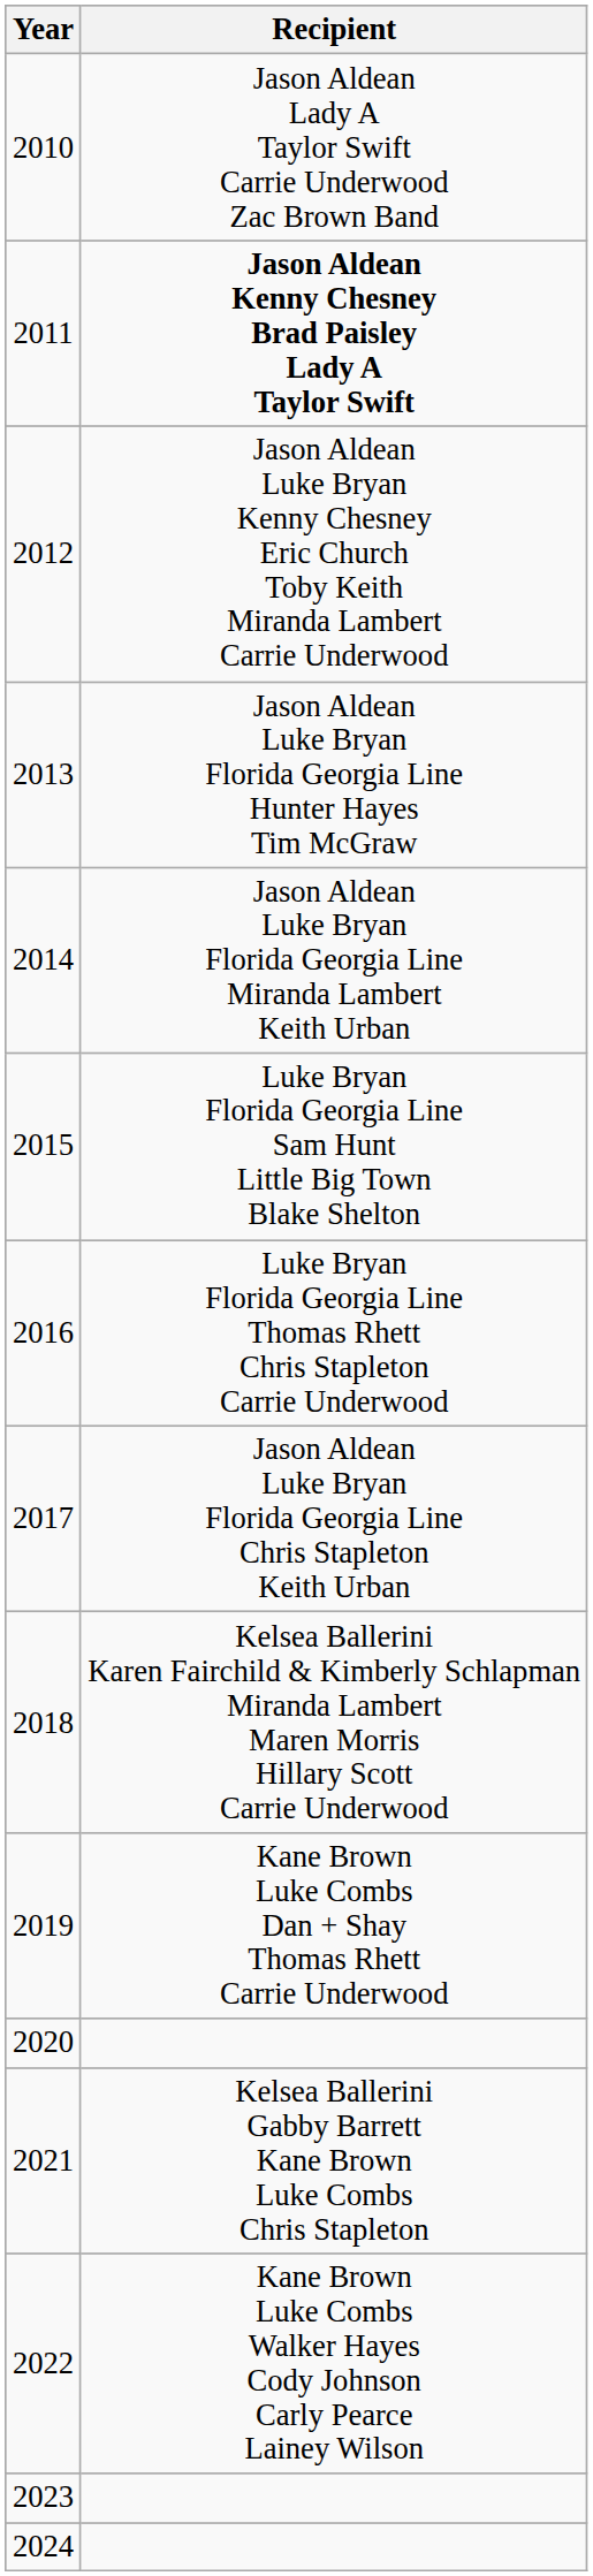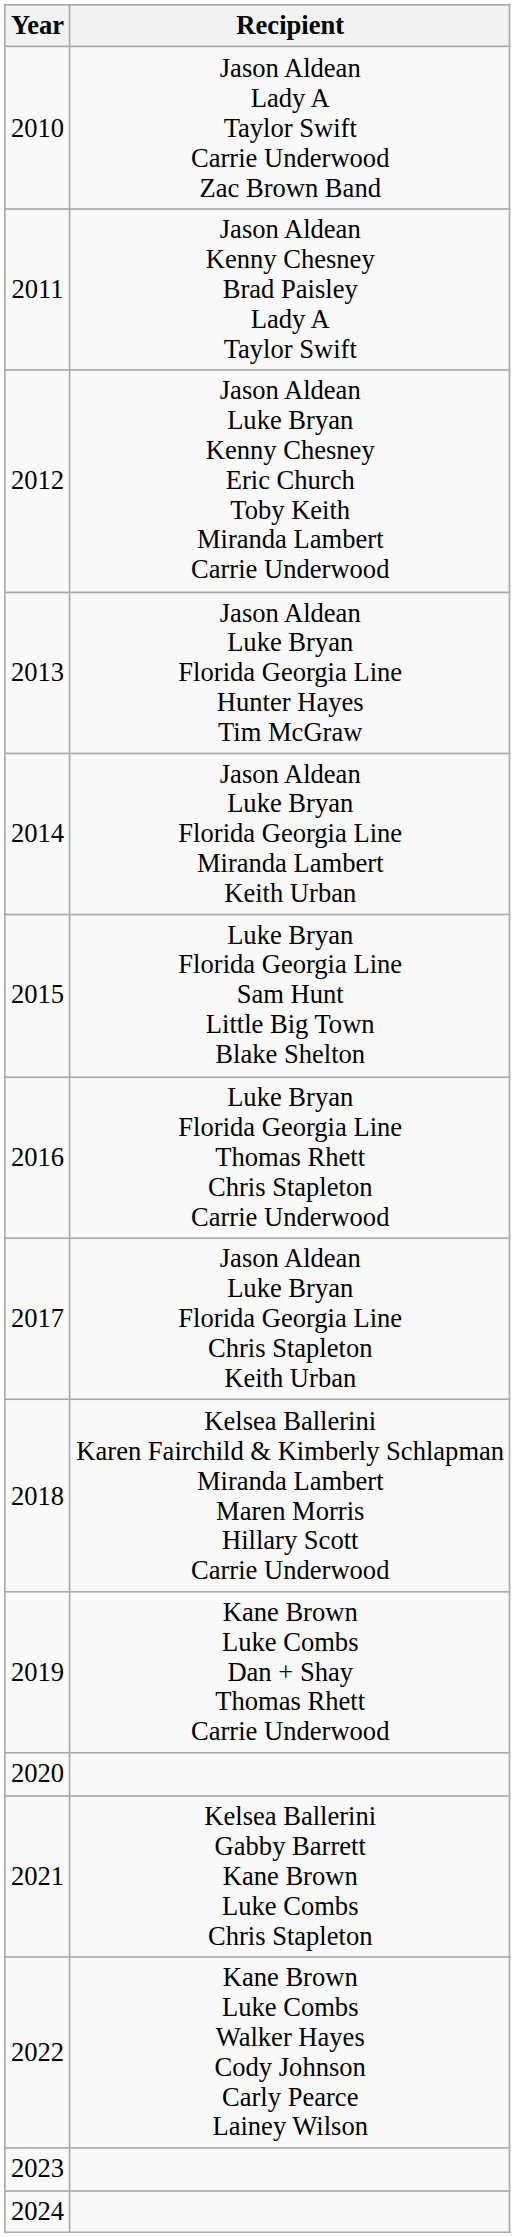 <table class="wikitable" style="text-align:center;">
 <tr>
 <th>Year</th>
 <th>Recipient</th>
 </tr>
 <tr>
 <td>2010</td>
 <td>Jason Aldean <br> Lady A <br> Taylor Swift <br> Carrie Underwood <br> Zac Brown Band</td>
 </tr>
 <tr>
 <td>2011</td>
-<td><strong>Jason Aldean <br> Kenny Chesney <br> Brad Paisley <br> Lady A <br> Taylor Swift</strong></td>
+<td>Jason Aldean <br> Kenny Chesney <br> Brad Paisley <br> Lady A <br> Taylor Swift</td>
 </tr>
 <tr>
 <td>2012</td>
 <td>Jason Aldean <br> Luke Bryan <br> Kenny Chesney <br> Eric Church <br> Toby Keith <br> Miranda Lambert <br> Carrie Underwood</td>
 </tr>
 <tr>
 <td>2013</td>
 <td>Jason Aldean <br> Luke Bryan <br> Florida Georgia Line <br> Hunter Hayes <br> Tim McGraw</td>
 </tr>
 <tr>
 <td>2014</td>
 <td>Jason Aldean <br> Luke Bryan <br> Florida Georgia Line <br> Miranda Lambert <br> Keith Urban</td>
 </tr>
 <tr>
 <td>2015</td>
 <td>Luke Bryan <br> Florida Georgia Line <br> Sam Hunt <br> Little Big Town <br> Blake Shelton</td>
 </tr>
 <tr>
 <td>2016</td>
 <td>Luke Bryan <br> Florida Georgia Line <br> Thomas Rhett <br> Chris Stapleton <br> Carrie Underwood</td>
 </tr>
 <tr>
 <td>2017</td>
 <td>Jason Aldean <br> Luke Bryan <br> Florida Georgia Line <br> Chris Stapleton <br> Keith Urban</td>
 </tr>
 <tr>
 <td>2018</td>
 <td>Kelsea Ballerini <br> Karen Fairchild & Kimberly Schlapman <br> Miranda Lambert <br> Maren Morris <br> Hillary Scott <br> Carrie Underwood</td>
 </tr>
 <tr>
 <td>2019</td>
 <td>Kane Brown <br> Luke Combs <br> Dan + Shay <br> Thomas Rhett <br> Carrie Underwood</td>
 </tr>
 <tr>
 <td>2020</td>
 <td></td>
 </tr>
 <tr>
 <td>2021</td>
 <td>Kelsea Ballerini <br> Gabby Barrett <br> Kane Brown <br> Luke Combs <br> Chris Stapleton</td>
 </tr>
 <tr>
 <td>2022</td>
 <td>Kane Brown <br> Luke Combs <br> Walker Hayes <br> Cody Johnson <br> Carly Pearce <br> Lainey Wilson</td>
 </tr>
 <tr>
 <td>2023</td>
 <td></td>
 </tr>
 <tr>
 <td>2024</td>
 <td></td>
 </tr>
 <tr>
 </tr>
 </table>
